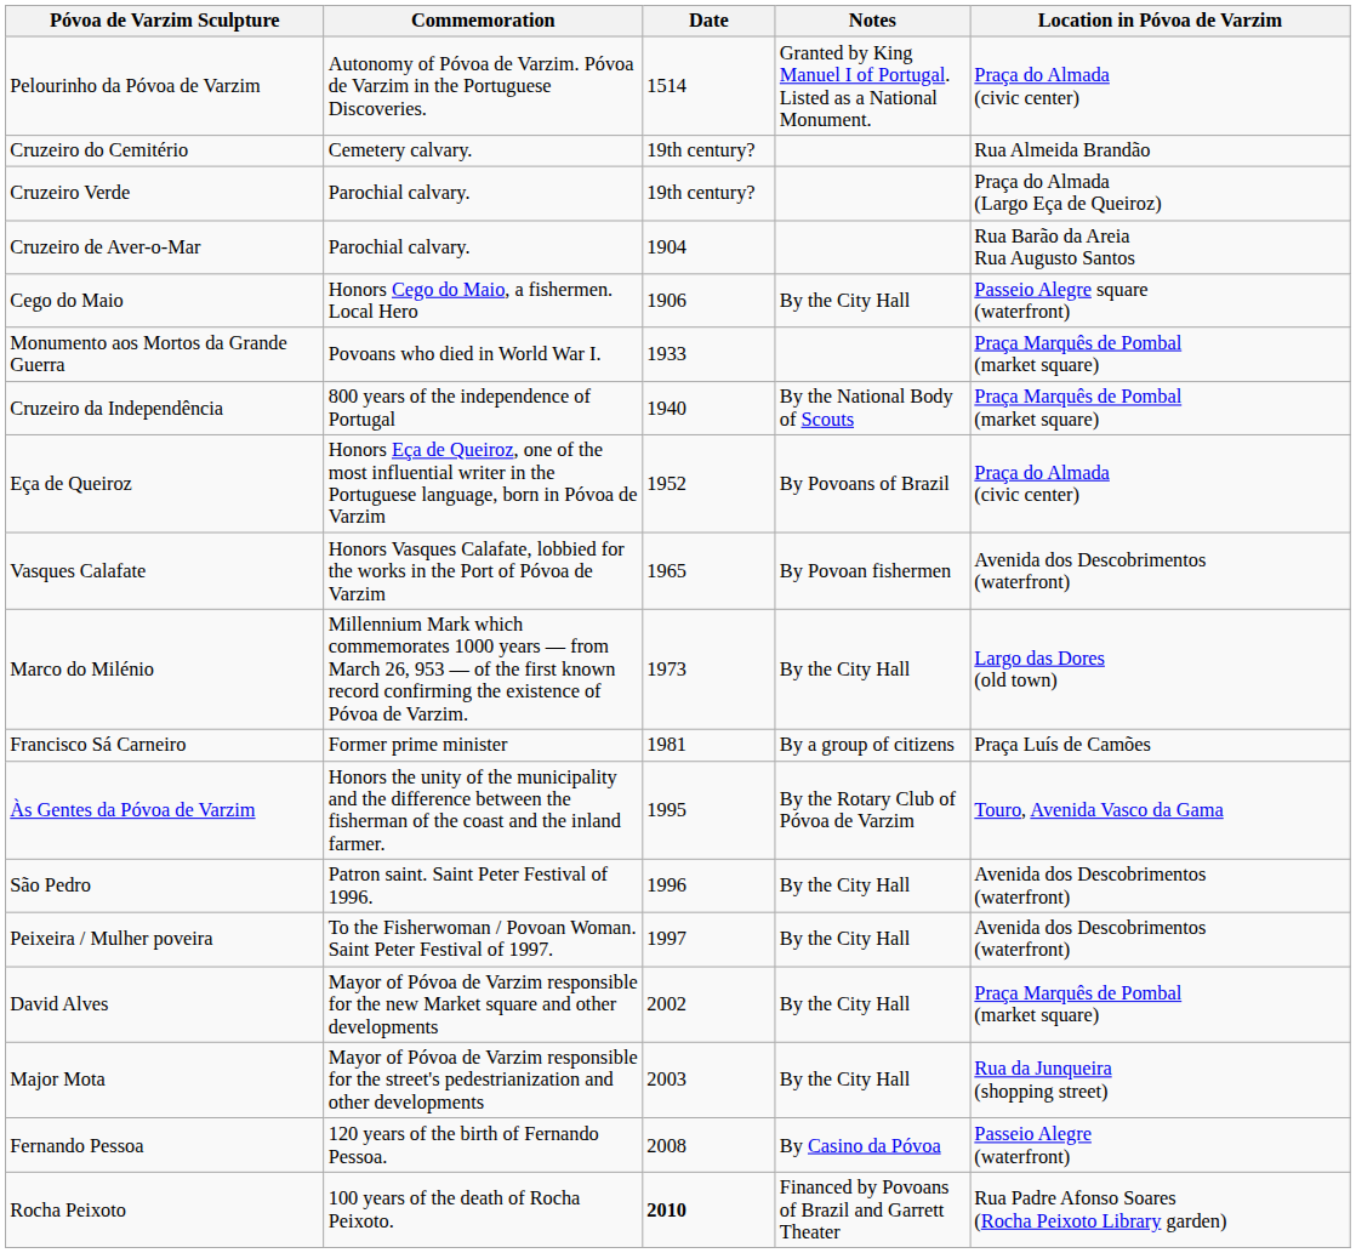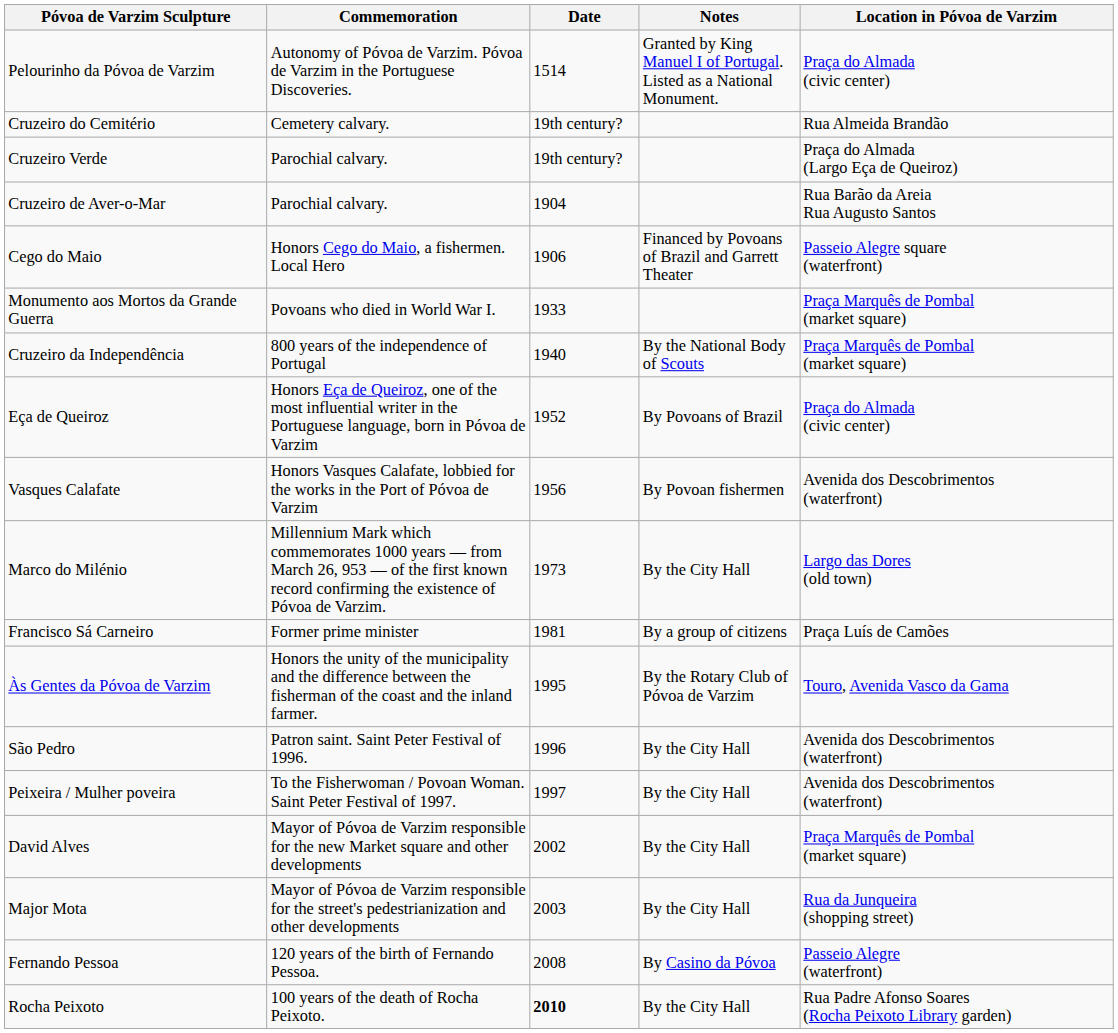 <table class="wikitable">
 <tr>
 <th width="250">Póvoa de Varzim Sculpture</th>
 <th width="250">Commemoration</th>
 <th width="100">Date</th>
 <th width="150">Notes</th>
 <th width="300">Location in Póvoa de Varzim</th>
 </tr>
 <tr>
 <td>Pelourinho da Póvoa de Varzim</td>
 <td>Autonomy of Póvoa de Varzim. Póvoa de Varzim in the Portuguese Discoveries.</td>
 <td>1514</td>
 <td>Granted by King <a href='#'>Manuel I of Portugal</a>. Listed as a National Monument.</td>
 <td><a href='#'>Praça do Almada</a><br>(civic center)</td>
 </tr>
 <tr>
 <td>Cruzeiro do Cemitério</td>
 <td>Cemetery calvary.</td>
 <td>19th century?</td>
 <td></td>
 <td>Rua Almeida Brandão</td>
 </tr>
 <tr>
 <td>Cruzeiro Verde</td>
 <td>Parochial calvary.</td>
 <td>19th century?</td>
 <td></td>
 <td>Praça do Almada<br>(Largo Eça de Queiroz)</td>
 </tr>
 <tr>
 <td>Cruzeiro de Aver-o-Mar</td>
 <td>Parochial calvary.</td>
 <td>1904</td>
 <td></td>
 <td>Rua Barão da Areia<br> Rua Augusto Santos</td>
 </tr>
 <tr>
 <td>Cego do Maio</td>
 <td>Honors <a href='#'>Cego do Maio</a>, a fishermen. Local Hero</td>
 <td>1906</td>
-<td>By the City Hall</td>
+<td>Financed by Povoans of Brazil and Garrett Theater</td>
 <td><a href='#'>Passeio Alegre</a> square<br>(waterfront)</td>
 </tr>
 <tr>
 <td>Monumento aos Mortos da Grande Guerra</td>
 <td>Povoans who died in World War I.</td>
 <td>1933</td>
 <td></td>
 <td><a href='#'>Praça Marquês de Pombal</a><br>(market square)</td>
 </tr>
 <tr>
 <td>Cruzeiro da Independência</td>
 <td>800 years of the independence of Portugal</td>
 <td>1940</td>
 <td>By the National Body of <a href='#'>Scouts</a></td>
 <td><a href='#'>Praça Marquês de Pombal</a><br>(market square)</td>
 </tr>
 <tr>
 <td>Eça de Queiroz</td>
 <td>Honors <a href='#'>Eça de Queiroz</a>, one of the most influential writer in the Portuguese language, born in Póvoa de Varzim</td>
 <td>1952</td>
 <td>By Povoans of Brazil</td>
 <td><a href='#'>Praça do Almada</a><br>(civic center)</td>
 </tr>
 <tr>
 <td>Vasques Calafate</td>
 <td>Honors Vasques Calafate, lobbied for the works in the Port of Póvoa de Varzim</td>
-<td>1965</td>
+<td>1956</td>
 <td>By Povoan fishermen</td>
 <td>Avenida dos Descobrimentos<br>(waterfront)</td>
 </tr>
 <tr>
 <td>Marco do Milénio</td>
 <td>Millennium Mark which commemorates 1000 years — from March 26, 953 — of the first known record confirming the existence of Póvoa de Varzim.</td>
 <td>1973</td>
 <td>By the City Hall</td>
 <td><a href='#'>Largo das Dores</a><br>(old town)</td>
 </tr>
 <tr>
 <td>Francisco Sá Carneiro</td>
 <td>Former prime minister</td>
 <td>1981</td>
 <td>By a group of citizens</td>
 <td>Praça Luís de Camões</td>
 </tr>
 <tr>
 <td><a href='#'>Às Gentes da Póvoa de Varzim</a></td>
 <td>Honors the unity of the municipality and the difference between the fisherman of the coast and the inland farmer.</td>
 <td>1995</td>
 <td>By the Rotary Club of Póvoa de Varzim</td>
 <td><a href='#'>Touro</a>, <a href='#'>Avenida Vasco da Gama</a></td>
 </tr>
 <tr>
 <td>São Pedro</td>
 <td>Patron saint. Saint Peter Festival of 1996.</td>
 <td>1996</td>
 <td>By the City Hall</td>
 <td>Avenida dos Descobrimentos<br>(waterfront)</td>
 </tr>
 <tr>
 <td>Peixeira / Mulher poveira</td>
 <td>To the Fisherwoman / Povoan Woman. Saint Peter Festival of 1997.</td>
 <td>1997</td>
 <td>By the City Hall</td>
 <td>Avenida dos Descobrimentos<br>(waterfront)</td>
 </tr>
 <tr>
 <td>David Alves</td>
 <td>Mayor of Póvoa de Varzim responsible for the new Market square and other developments</td>
 <td>2002</td>
 <td>By the City Hall</td>
 <td><a href='#'>Praça Marquês de Pombal</a><br>(market square)</td>
 </tr>
 <tr>
 <td>Major Mota</td>
 <td>Mayor of Póvoa de Varzim responsible for the street's pedestrianization and other developments</td>
 <td>2003</td>
 <td>By the City Hall</td>
 <td><a href='#'>Rua da Junqueira</a><br>(shopping street)</td>
 </tr>
 <tr>
 <td>Fernando Pessoa</td>
 <td>120 years of the birth of Fernando Pessoa.</td>
 <td>2008</td>
 <td>By <a href='#'>Casino da Póvoa</a></td>
 <td><a href='#'>Passeio Alegre</a><br>(waterfront)</td>
 </tr>
 <tr>
 <td>Rocha Peixoto</td>
 <td>100 years of the death of Rocha Peixoto.</td>
 <td><strong>2010</strong></td>
-<td>Financed by Povoans of Brazil and Garrett Theater</td>
+<td>By the City Hall</td>
 <td>Rua Padre Afonso Soares<br>(<a href='#'>Rocha Peixoto Library</a> garden)</td>
 </tr>
 <tr>
 </tr>
 </table>
